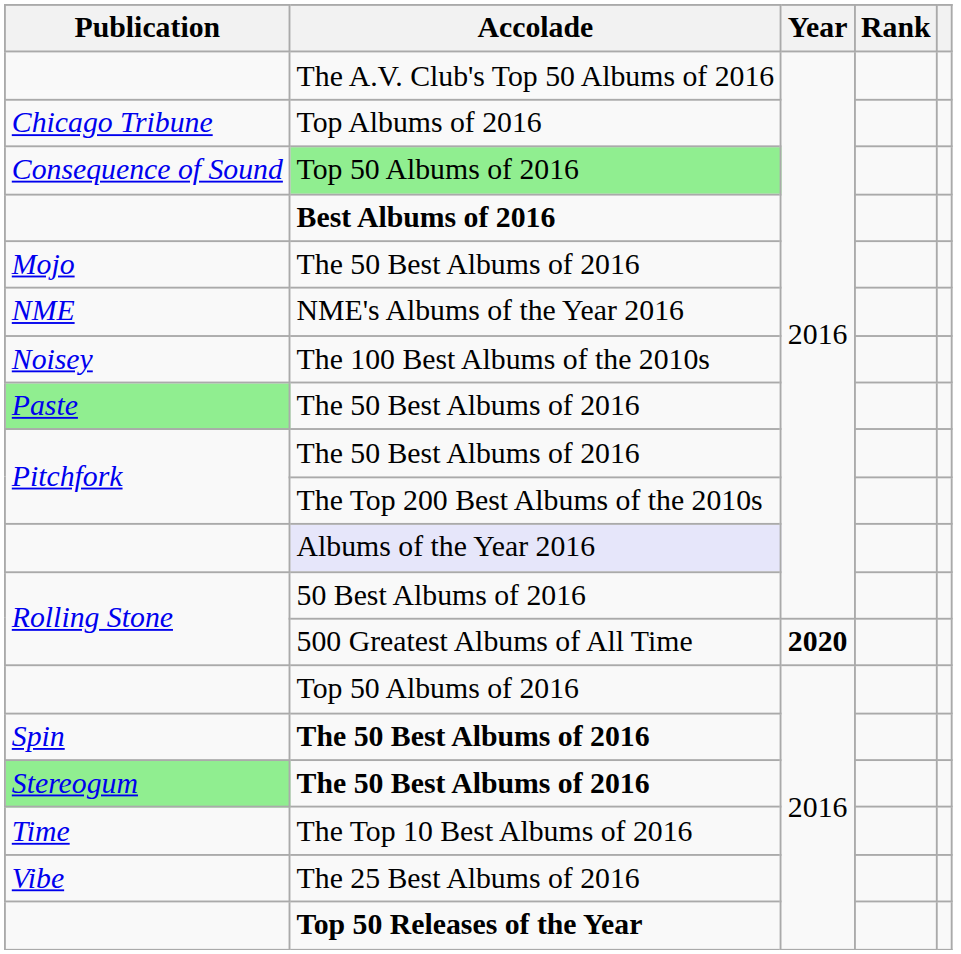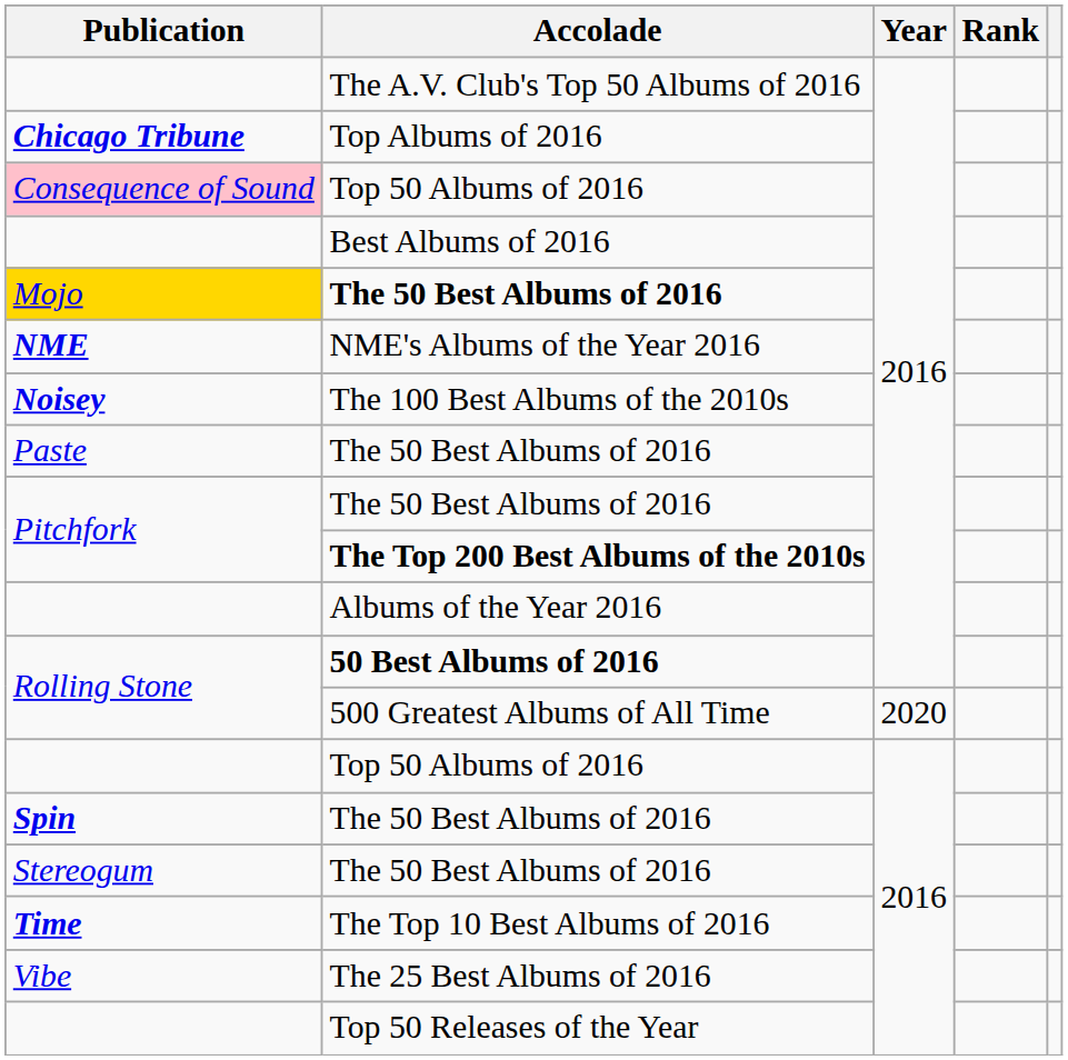 <table class="sortable wikitable">
 <tr>
 <th>Publication</th>
 <th>Accolade</th>
 <th>Year</th>
 <th>Rank</th>
 <th class="unsortable"></th>
 </tr>
 <tr>
 <td><em></em></td>
 <td>The A.V. Club's Top 50 Albums of 2016</td>
 <td rowspan="12">2016</td>
 <td></td>
 <td></td>
 </tr>
 <tr>
-<td><em><a href='#'>Chicago Tribune</a></em></td>
+<td><strong><em><a href='#'>Chicago Tribune</a></em></strong></td>
 <td>Top Albums of 2016</td>
 <td></td>
 <td></td>
 </tr>
 <tr>
-<td><em><a href='#'>Consequence of Sound</a></em></td>
-<td style="background: lightgreen;">Top 50 Albums of 2016</td>
+<td style="background: pink;"><em><a href='#'>Consequence of Sound</a></em></td>
+<td>Top 50 Albums of 2016</td>
 <td></td>
 <td></td>
 </tr>
 <tr>
 <td><em></em></td>
-<td><strong>Best Albums of 2016</strong></td>
+<td>Best Albums of 2016</td>
 <td></td>
 <td></td>
 </tr>
 <tr>
-<td><em><a href='#'>Mojo</a></em></td>
-<td>The 50 Best Albums of 2016</td>
+<td style="background: gold;"><em><a href='#'>Mojo</a></em></td>
+<td><strong>The 50 Best Albums of 2016</strong></td>
 <td></td>
 <td></td>
 </tr>
 <tr>
-<td><em><a href='#'>NME</a></em></td>
+<td><strong><em><a href='#'>NME</a></em></strong></td>
 <td>NME's Albums of the Year 2016</td>
 <td></td>
 <td></td>
 </tr>
 <tr>
-<td><em><a href='#'>Noisey</a></em></td>
+<td><strong><em><a href='#'>Noisey</a></em></strong></td>
 <td>The 100 Best Albums of the 2010s</td>
 <td></td>
 <td></td>
 </tr>
 <tr>
-<td style="background: lightgreen;"><em><a href='#'>Paste</a></em></td>
+<td><em><a href='#'>Paste</a></em></td>
 <td>The 50 Best Albums of 2016</td>
 <td></td>
 <td></td>
 </tr>
 <tr>
 <td rowspan="2"><em><a href='#'>Pitchfork</a></em></td>
 <td>The 50 Best Albums of 2016</td>
 <td></td>
 <td></td>
 </tr>
 <tr>
-<td>The Top 200 Best Albums of the 2010s</td>
+<td><strong>The Top 200 Best Albums of the 2010s</strong></td>
 <td></td>
 <td></td>
 </tr>
 <tr>
 <td><em></em></td>
-<td style="background: lavender;">Albums of the Year 2016</td>
+<td>Albums of the Year 2016</td>
 <td></td>
 <td></td>
 </tr>
 <tr>
 <td rowspan="2"><em><a href='#'>Rolling Stone</a></em></td>
-<td>50 Best Albums of 2016</td>
+<td><strong>50 Best Albums of 2016</strong></td>
 <td></td>
 <td></td>
 </tr>
 <tr>
 <td>500 Greatest Albums of All Time</td>
-<td rowspan="1"><strong>2020</strong></td>
+<td rowspan="1">2020</td>
 <td></td>
 <td></td>
 </tr>
 <tr>
 <td><em></em></td>
 <td>Top 50 Albums of 2016</td>
 <td rowspan="6">2016</td>
 <td></td>
 <td></td>
 </tr>
 <tr>
-<td><em><a href='#'>Spin</a></em></td>
-<td><strong>The 50 Best Albums of 2016</strong></td>
+<td><strong><em><a href='#'>Spin</a></em></strong></td>
+<td>The 50 Best Albums of 2016</td>
 <td></td>
 <td></td>
 </tr>
 <tr>
-<td style="background: lightgreen;"><em><a href='#'>Stereogum</a></em></td>
-<td><strong>The 50 Best Albums of 2016</strong></td>
+<td><em><a href='#'>Stereogum</a></em></td>
+<td>The 50 Best Albums of 2016</td>
 <td></td>
 <td></td>
 </tr>
 <tr>
-<td><em><a href='#'>Time</a></em></td>
+<td><strong><em><a href='#'>Time</a></em></strong></td>
 <td>The Top 10 Best Albums of 2016</td>
 <td></td>
 <td></td>
 </tr>
 <tr>
 <td><em><a href='#'>Vibe</a></em></td>
 <td>The 25 Best Albums of 2016</td>
 <td></td>
 <td></td>
 </tr>
 <tr>
 <td><em></em></td>
-<td><strong>Top 50 Releases of the Year</strong></td>
+<td>Top 50 Releases of the Year</td>
 <td></td>
 <td></td>
 </tr>
 </table>
